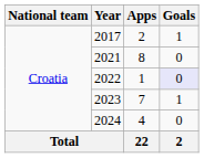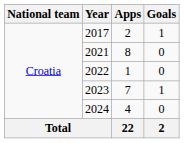 <table class="wikitable" style="text-align:center">
 <tr>
 <th>National team</th>
 <th>Year</th>
 <th>Apps</th>
 <th>Goals</th>
 </tr>
 <tr>
 <td rowspan="5"><a href='#'>Croatia</a></td>
 <td>2017</td>
 <td>2</td>
 <td>1</td>
 </tr>
 <tr>
 <td>2021</td>
 <td>8</td>
 <td>0</td>
 </tr>
 <tr>
 <td>2022</td>
 <td>1</td>
-<td style="background: lavender;">0</td>
+<td>0</td>
 </tr>
 <tr>
 <td>2023</td>
 <td>7</td>
 <td>1</td>
 </tr>
 <tr>
 <td>2024</td>
 <td>4</td>
 <td>0</td>
 </tr>
 <tr>
 <th colspan="2">Total</th>
 <th>22</th>
 <th>2</th>
 </tr>
 </table>
